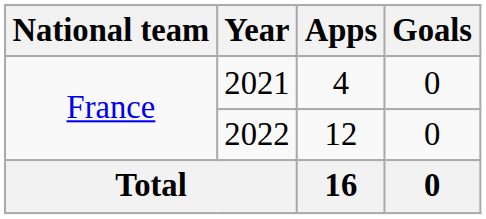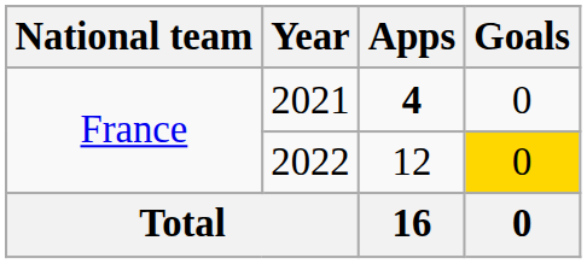 <table class="wikitable" style="text-align:center">
 <tr>
 <th>National team</th>
 <th>Year</th>
 <th>Apps</th>
 <th>Goals</th>
 </tr>
 <tr>
 <td rowspan=2><a href='#'>France</a></td>
 <td>2021</td>
-<td>4</td>
+<td><strong>4</strong></td>
 <td>0</td>
 </tr>
 <tr>
 <td>2022</td>
 <td>12</td>
-<td>0</td>
+<td style="background: gold;">0</td>
 </tr>
 <tr>
 <th colspan=2>Total</th>
 <th>16</th>
 <th>0</th>
 </tr>
 </table>
